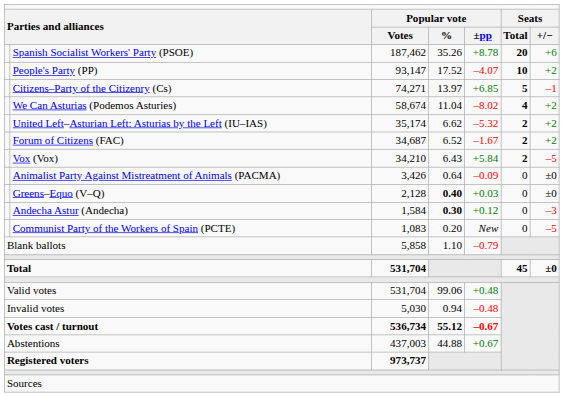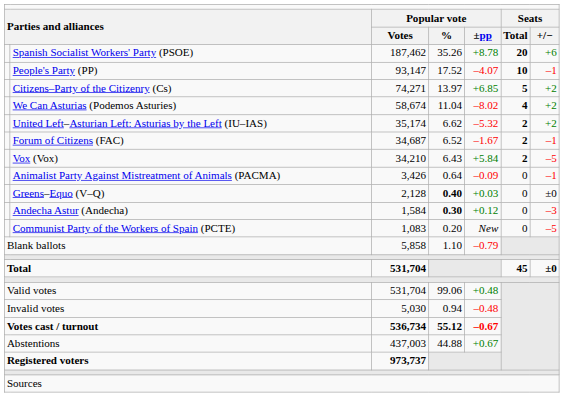 <table class="wikitable" style="text-align:right;">
 <tr>
 <td colspan="7"></td>
 </tr>
 <tr>
 <th style="text-align:left;" rowspan="2" colspan="2" width="525">Parties and alliances</th>
 <th colspan="3">Popular vote</th>
 <th colspan="2">Seats</th>
 </tr>
 <tr>
 <th width="75">Votes</th>
 <th width="45">%</th>
 <th width="45">±<a href='#'>pp</a></th>
 <th width="35">Total</th>
 <th width="35">+/−</th>
 </tr>
 <tr>
 <td width="1" style="color:inherit;background:"></td>
 <td align="left"><a href='#'>Spanish Socialist Workers' Party</a> (PSOE)</td>
 <td>187,462</td>
 <td>35.26</td>
 <td style="color:green;">+8.78</td>
 <td><strong>20</strong></td>
 <td style="color:green;">+6</td>
 </tr>
 <tr>
 <td style="color:inherit;background:"></td>
 <td align="left"><a href='#'>People's Party</a> (PP)</td>
 <td>93,147</td>
 <td>17.52</td>
 <td style="color:red;">–4.07</td>
 <td><strong>10</strong></td>
-<td style="color:green;">+2</td>
+<td style="color:red;">–1</td>
 </tr>
 <tr>
 <td style="color:inherit;background:"></td>
 <td align="left"><a href='#'>Citizens–Party of the Citizenry</a> (Cs)</td>
 <td>74,271</td>
 <td>13.97</td>
 <td style="color:green;">+6.85</td>
 <td><strong>5</strong></td>
-<td style="color:red;">–1</td>
+<td style="color:green;">+2</td>
 </tr>
 <tr>
 <td style="color:inherit;background:"></td>
 <td align="left"><a href='#'>We Can Asturias</a> (Podemos Asturies)</td>
 <td>58,674</td>
 <td>11.04</td>
 <td style="color:red;">–8.02</td>
 <td><strong>4</strong></td>
 <td style="color:green;">+2</td>
 </tr>
 <tr>
 <td style="color:inherit;background:"></td>
 <td align="left"><a href='#'>United Left</a>–<a href='#'>Asturian Left: Asturias by the Left</a> (IU–IAS)</td>
 <td>35,174</td>
 <td>6.62</td>
 <td style="color:red;">–5.32</td>
 <td><strong>2</strong></td>
 <td style="color:green;">+2</td>
 </tr>
 <tr>
 <td style="color:inherit;background:"></td>
 <td align="left"><a href='#'>Forum of Citizens</a> (FAC)</td>
 <td>34,687</td>
 <td>6.52</td>
 <td style="color:red;">–1.67</td>
 <td><strong>2</strong></td>
-<td style="color:green;">+2</td>
+<td style="color:red;">–1</td>
 </tr>
 <tr>
 <td style="color:inherit;background:"></td>
 <td align="left"><a href='#'>Vox</a> (Vox)</td>
 <td>34,210</td>
 <td>6.43</td>
 <td style="color:green;">+5.84</td>
 <td><strong>2</strong></td>
 <td style="color:red;">–5</td>
 </tr>
 <tr>
 <td style="color:inherit;background:"></td>
 <td align="left"><a href='#'>Animalist Party Against Mistreatment of Animals</a> (PACMA)</td>
 <td>3,426</td>
 <td>0.64</td>
 <td style="color:red;">–0.09</td>
 <td>0</td>
-<td>±0</td>
+<td style="color:red;">–1</td>
 </tr>
 <tr>
 <td style="color:inherit;background:"></td>
 <td align="left"><a href='#'>Greens</a>–<a href='#'>Equo</a> (V–Q)</td>
 <td>2,128</td>
 <td><strong>0.40</strong></td>
 <td style="color:green;">+0.03</td>
 <td>0</td>
 <td>±0</td>
 </tr>
 <tr>
 <td style="color:inherit;background:"></td>
 <td align="left"><a href='#'>Andecha Astur</a> (Andecha)</td>
 <td>1,584</td>
 <td><strong>0.30</strong></td>
 <td style="color:green;">+0.12</td>
 <td>0</td>
 <td style="color:red;">–3</td>
 </tr>
 <tr>
 <td style="color:inherit;background:"></td>
 <td align="left"><a href='#'>Communist Party of the Workers of Spain</a> (PCTE)</td>
 <td>1,083</td>
 <td>0.20</td>
 <td><em>New</em></td>
 <td>0</td>
 <td style="color:red;">–5</td>
 </tr>
 <tr>
 <td align="left" colspan="2">Blank ballots</td>
 <td>5,858</td>
 <td>1.10</td>
 <td style="color:red;">–0.79</td>
 <td bgcolor="#E9E9E9" colspan="2"></td>
 </tr>
 <tr>
 <td colspan="7" bgcolor="#E9E9E9"></td>
 </tr>
 <tr style="font-weight:bold;">
 <td align="left" colspan="2">Total</td>
 <td>531,704</td>
 <td bgcolor="#E9E9E9" colspan="2"></td>
 <td>45</td>
 <td>±0</td>
 </tr>
 <tr>
 <td colspan="7" bgcolor="#E9E9E9"></td>
 </tr>
 <tr>
 <td align="left" colspan="2">Valid votes</td>
 <td>531,704</td>
 <td>99.06</td>
 <td style="color:green;">+0.48</td>
 <td bgcolor="#E9E9E9" colspan="2" rowspan="5"></td>
 </tr>
 <tr>
 <td align="left" colspan="2">Invalid votes</td>
 <td>5,030</td>
 <td>0.94</td>
 <td style="color:red;">–0.48</td>
 </tr>
 <tr style="font-weight:bold;">
 <td align="left" colspan="2">Votes cast / turnout</td>
 <td>536,734</td>
 <td>55.12</td>
 <td style="color:red;">–0.67</td>
 </tr>
 <tr>
 <td align="left" colspan="2">Abstentions</td>
 <td>437,003</td>
 <td>44.88</td>
 <td style="color:green;">+0.67</td>
 </tr>
 <tr style="font-weight:bold;">
 <td align="left" colspan="2">Registered voters</td>
 <td>973,737</td>
 <td bgcolor="#E9E9E9" colspan="2"></td>
 </tr>
 <tr>
 <td colspan="7" bgcolor="#E9E9E9"></td>
 </tr>
 <tr>
 <td align="left" colspan="7">Sources</td>
 </tr>
 </table>
